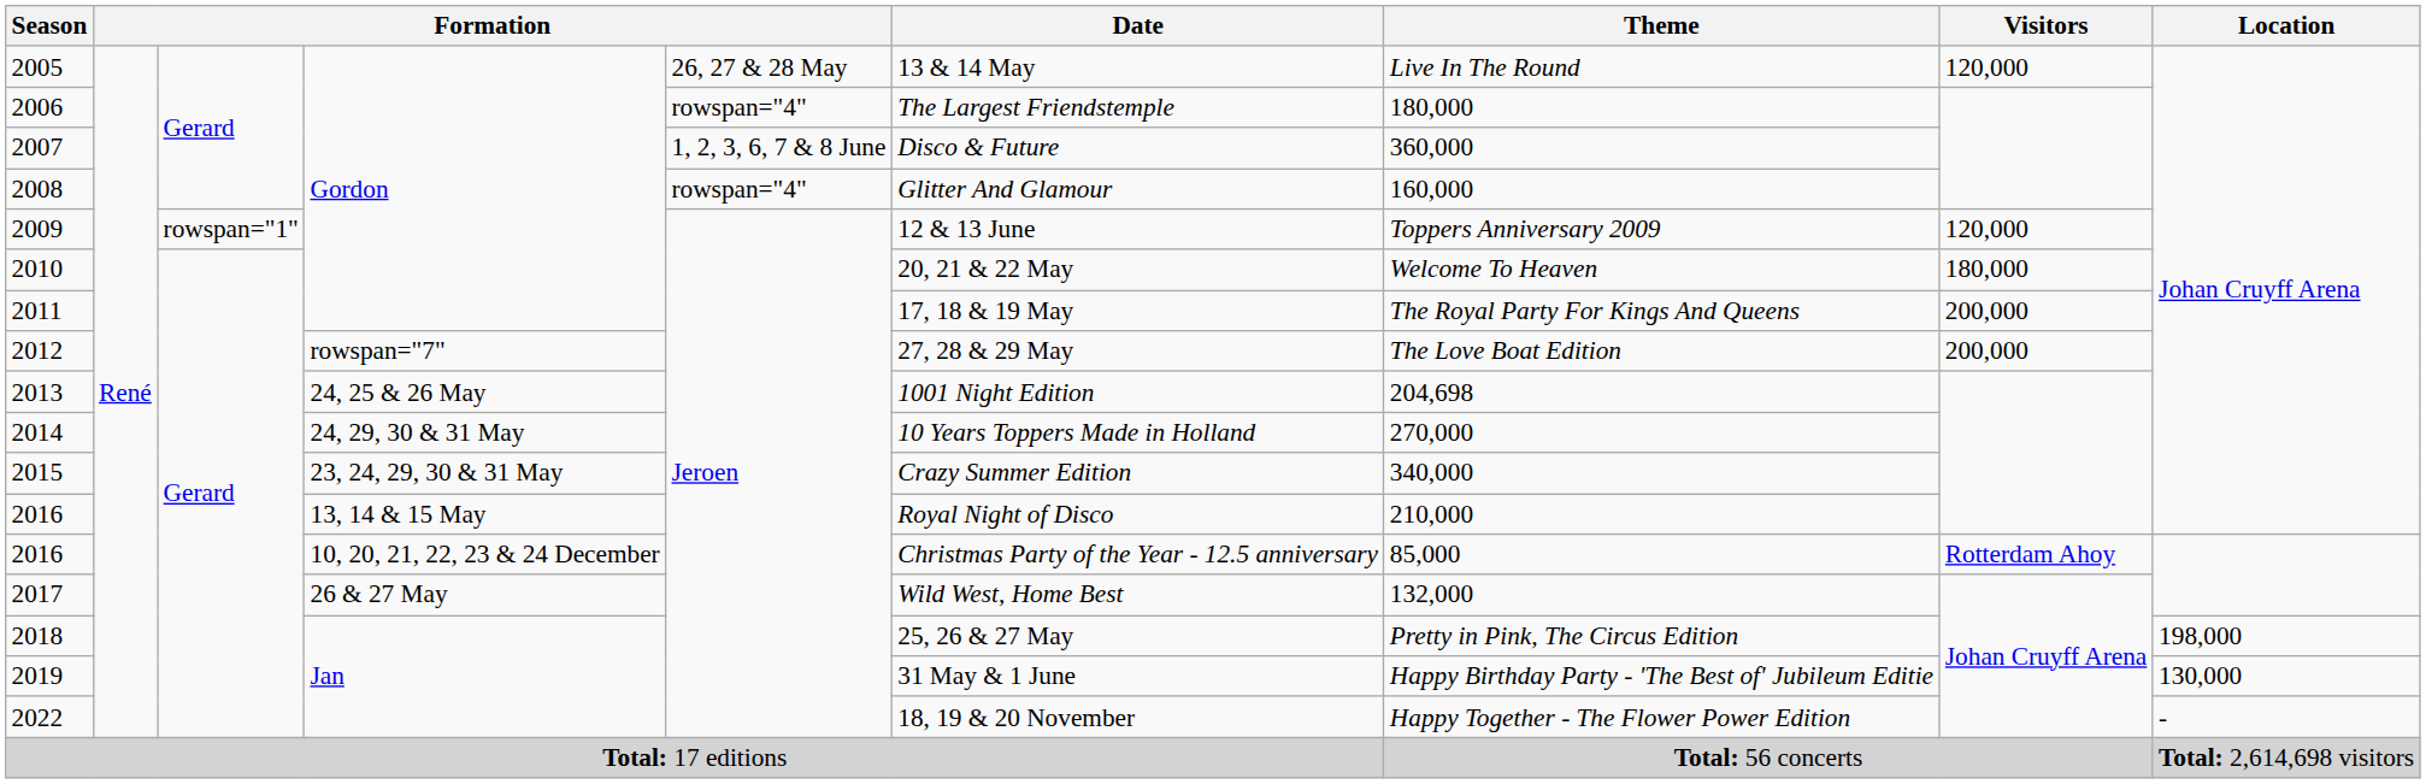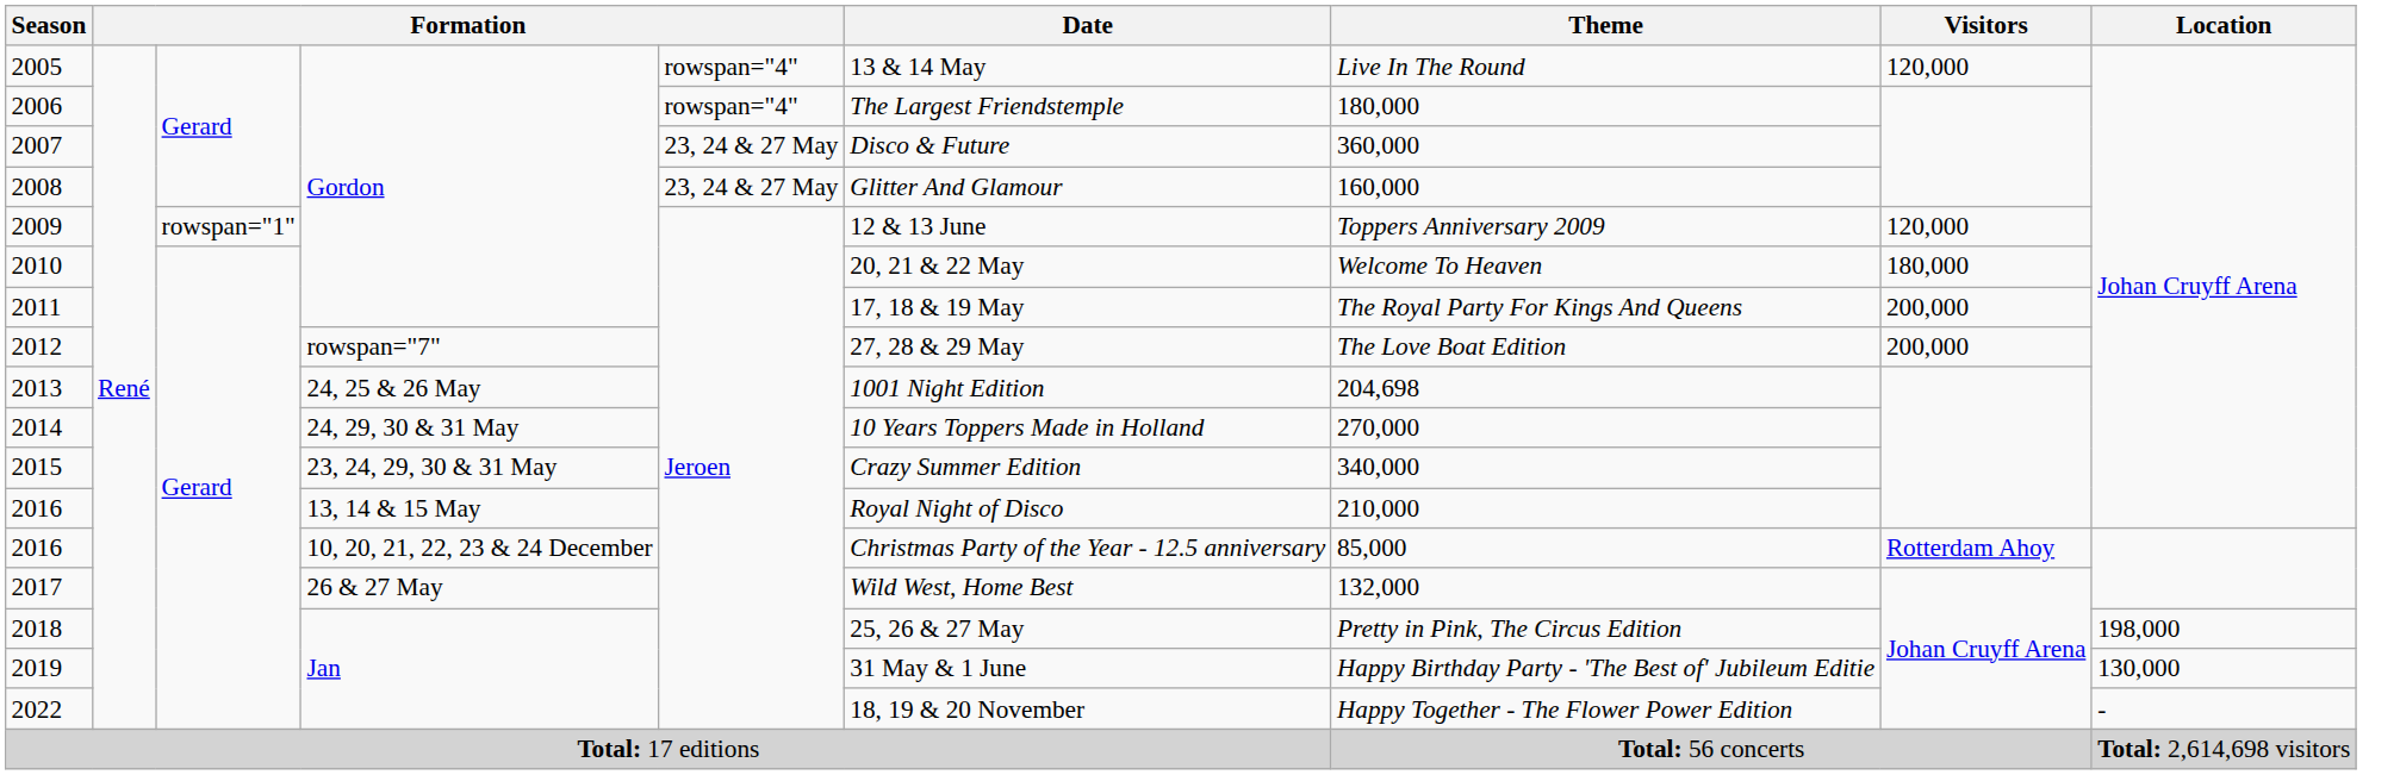 <table class="wikitable">
 <tr>
 <th>Season</th>
 <th colspan="4">Formation</th>
 <th>Date</th>
 <th>Theme</th>
 <th>Visitors</th>
 <th>Location</th>
 </tr>
 <tr>
 <td>2005</td>
 <td rowspan=17><a href='#'>René</a></td>
 <td rowspan=4><a href='#'>Gerard</a></td>
 <td rowspan=7><a href='#'>Gordon</a></td>
-<td>26, 27 & 28 May</td>
+<td>rowspan="4" </td>
 <td>13 & 14 May</td>
 <td><em>Live In The Round</em></td>
 <td>120,000</td>
 <td rowspan="12"><a href='#'>Johan Cruyff Arena</a></td>
 </tr>
 <tr>
 <td>2006</td>
 <td>rowspan="4" </td>
 <td><em>The Largest Friendstemple</em></td>
 <td>180,000</td>
 </tr>
 <tr>
 <td>2007</td>
-<td>1, 2, 3, 6, 7 & 8 June</td>
+<td>23, 24 & 27 May</td>
 <td><em>Disco & Future</em></td>
 <td>360,000</td>
 </tr>
 <tr>
 <td>2008</td>
-<td>rowspan="4" </td>
+<td>23, 24 & 27 May</td>
 <td><em>Glitter And Glamour</em></td>
 <td>160,000</td>
 </tr>
 <tr>
 <td>2009</td>
 <td>rowspan="1" </td>
 <td rowspan="13"><a href='#'>Jeroen</a></td>
 <td>12 & 13 June</td>
 <td><em>Toppers Anniversary 2009</em></td>
 <td>120,000</td>
 </tr>
 <tr>
 <td>2010</td>
 <td rowspan=12><a href='#'>Gerard</a></td>
 <td>20, 21 & 22 May</td>
 <td><em>Welcome To Heaven</em></td>
 <td>180,000</td>
 </tr>
 <tr>
 <td>2011</td>
 <td>17, 18 & 19 May</td>
 <td><em>The Royal Party For Kings And Queens</em></td>
 <td>200,000</td>
 </tr>
 <tr>
 <td>2012</td>
 <td>rowspan="7" </td>
 <td>27, 28 & 29 May</td>
 <td><em>The Love Boat Edition</em></td>
 <td>200,000</td>
 </tr>
 <tr>
 <td>2013</td>
 <td>24, 25 & 26 May</td>
 <td><em>1001 Night Edition</em></td>
 <td>204,698</td>
 </tr>
 <tr>
 <td>2014</td>
 <td>24, 29, 30 & 31 May</td>
 <td><em>10 Years Toppers Made in Holland</em></td>
 <td>270,000</td>
 </tr>
 <tr>
 <td>2015</td>
 <td>23, 24, 29, 30 & 31 May</td>
 <td><em>Crazy Summer Edition</em></td>
 <td>340,000</td>
 </tr>
 <tr>
 <td>2016</td>
 <td>13, 14 & 15 May</td>
 <td><em>Royal Night of Disco</em></td>
 <td>210,000</td>
 </tr>
 <tr>
 <td>2016</td>
 <td>10, 20, 21, 22, 23 & 24 December</td>
 <td><em>Christmas Party of the Year - 12.5 anniversary</em></td>
 <td>85,000</td>
 <td><a href='#'>Rotterdam Ahoy</a></td>
 </tr>
 <tr>
 <td>2017</td>
 <td>26 & 27 May</td>
 <td><em>Wild West, Home Best</em></td>
 <td>132,000</td>
 <td rowspan="4"><a href='#'>Johan Cruyff Arena</a></td>
 </tr>
 <tr>
 <td>2018</td>
 <td rowspan=3><a href='#'>Jan</a></td>
 <td>25, 26 & 27 May</td>
 <td><em>Pretty in Pink, The Circus Edition</em></td>
 <td>198,000</td>
 </tr>
 <tr>
 <td>2019</td>
 <td>31 May & 1 June</td>
 <td><em>Happy Birthday Party - 'The Best of' Jubileum Editie</em></td>
 <td>130,000</td>
 </tr>
 <tr>
 <td>2022</td>
 <td>18, 19 & 20 November</td>
 <td><em>Happy Together - The Flower Power Edition</em></td>
 <td>-</td>
 </tr>
 <tr>
 <td colspan="6" style="text-align:center; background-color:lightgrey;"><strong>Total:</strong> 17 editions</td>
 <td colspan="2" style="text-align:center; background-color:lightgrey;"><strong>Total:</strong> 56 concerts</td>
 <td colspan="2" style="text-align:center; background-color:lightgrey;"><strong>Total:</strong> 2,614,698 visitors</td>
 </tr>
 </table>
